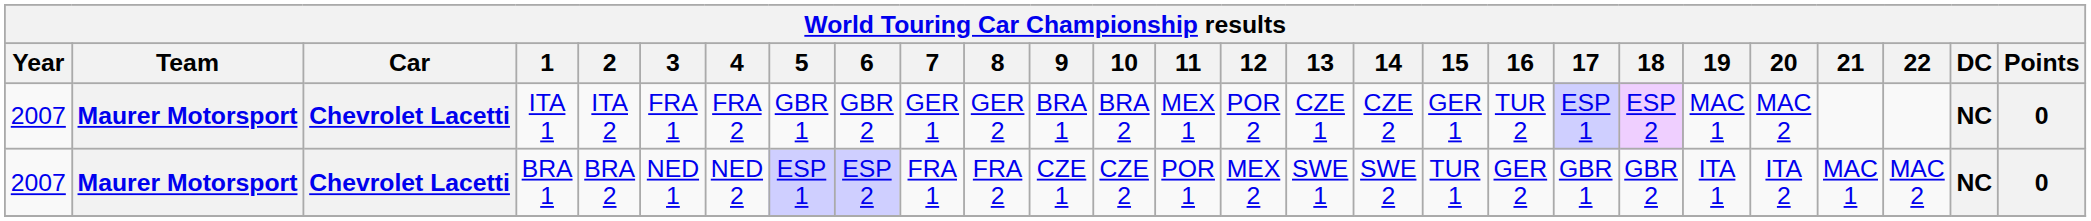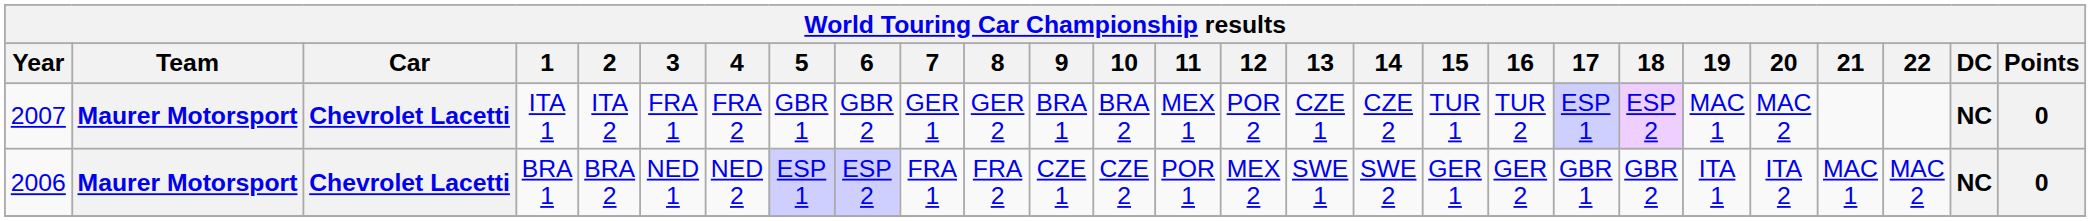 <table class="wikitable" style="text-align:center; font-size:85%">
 <tr>
 <th colspan=45><a href='#'>World Touring Car Championship</a> results</th>
 </tr>
 <tr>
 <th>Year</th>
 <th>Team</th>
 <th>Car</th>
 <th>1</th>
 <th>2</th>
 <th>3</th>
 <th>4</th>
 <th>5</th>
 <th>6</th>
 <th>7</th>
 <th>8</th>
 <th>9</th>
 <th>10</th>
 <th>11</th>
 <th>12</th>
 <th>13</th>
 <th>14</th>
 <th>15</th>
 <th>16</th>
 <th>17</th>
 <th>18</th>
 <th>19</th>
 <th>20</th>
 <th>21</th>
 <th>22</th>
 <th>DC</th>
 <th>Points</th>
 </tr>
 <tr>
 <td><a href='#'>2007</a></td>
 <th><a href='#'>Maurer Motorsport</a></th>
 <th><a href='#'>Chevrolet Lacetti</a></th>
 <td><a href='#'>ITA<br>1</a></td>
 <td><a href='#'>ITA<br>2</a></td>
 <td><a href='#'>FRA<br>1</a></td>
 <td><a href='#'>FRA<br>2</a></td>
 <td><a href='#'>GBR<br>1</a></td>
 <td><a href='#'>GBR<br>2</a></td>
 <td><a href='#'>GER<br>1</a></td>
 <td><a href='#'>GER<br>2</a></td>
 <td><a href='#'>BRA<br>1</a></td>
 <td><a href='#'>BRA<br>2</a></td>
 <td><a href='#'>MEX<br>1</a></td>
 <td><a href='#'>POR<br>2</a></td>
 <td><a href='#'>CZE<br>1</a></td>
 <td><a href='#'>CZE<br>2</a></td>
-<td><a href='#'>GER<br>1</a></td>
+<td><a href='#'>TUR<br>1</a></td>
 <td><a href='#'>TUR<br>2</a></td>
 <td style="background:#cfcfff;"><a href='#'>ESP<br>1</a><br></td>
 <td style="background:#efcfff;"><a href='#'>ESP<br>2</a><br></td>
 <td><a href='#'>MAC<br>1</a></td>
 <td><a href='#'>MAC<br>2</a></td>
 <td></td>
 <td></td>
 <th>NC</th>
 <th>0</th>
 </tr>
 <tr>
-<td><a href='#'>2007</a></td>
+<td><a href='#'>2006</a></td>
 <th><a href='#'>Maurer Motorsport</a></th>
 <th><a href='#'>Chevrolet Lacetti</a></th>
 <td><a href='#'>BRA<br>1</a></td>
 <td><a href='#'>BRA<br>2</a></td>
 <td><a href='#'>NED<br>1</a></td>
 <td><a href='#'>NED<br>2</a></td>
 <td style="background:#cfcfff;"><a href='#'>ESP<br>1</a><br></td>
 <td style="background:#cfcfff;"><a href='#'>ESP<br>2</a><br></td>
 <td><a href='#'>FRA<br>1</a></td>
 <td><a href='#'>FRA<br>2</a></td>
 <td><a href='#'>CZE<br>1</a></td>
 <td><a href='#'>CZE<br>2</a></td>
 <td><a href='#'>POR<br>1</a></td>
 <td><a href='#'>MEX<br>2</a></td>
 <td><a href='#'>SWE<br>1</a></td>
 <td><a href='#'>SWE<br>2</a></td>
-<td><a href='#'>TUR<br>1</a></td>
+<td><a href='#'>GER<br>1</a></td>
 <td><a href='#'>GER<br>2</a></td>
 <td><a href='#'>GBR<br>1</a></td>
 <td><a href='#'>GBR<br>2</a></td>
 <td><a href='#'>ITA<br>1</a></td>
 <td><a href='#'>ITA<br>2</a></td>
 <td><a href='#'>MAC<br>1</a></td>
 <td><a href='#'>MAC<br>2</a></td>
 <th>NC</th>
 <th>0</th>
 </tr>
 <tr>
 </tr>
 </table>
